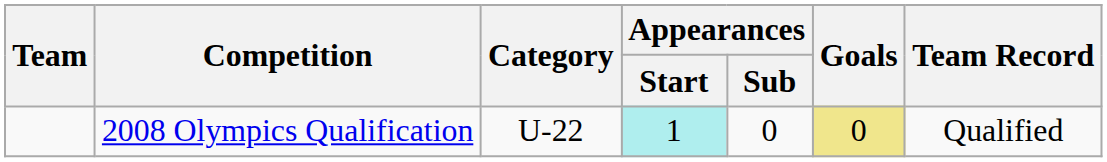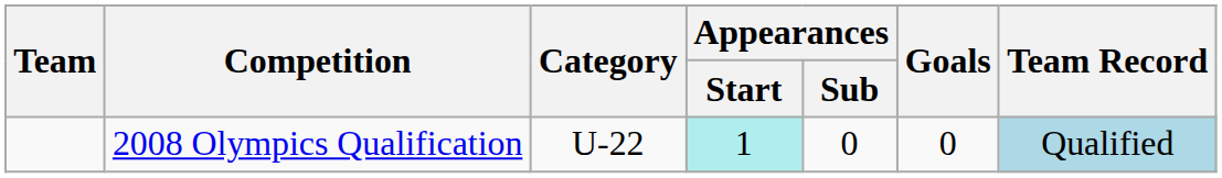 <table class="wikitable" style="text-align: center;">
 <tr>
 <th rowspan="2">Team</th>
 <th rowspan="2">Competition</th>
 <th rowspan="2">Category</th>
 <th colspan="2">Appearances</th>
 <th rowspan="2">Goals</th>
 <th rowspan="2">Team Record</th>
 </tr>
 <tr>
 <th>Start</th>
 <th>Sub</th>
 </tr>
 <tr>
 <td align="left"></td>
 <td align="left"><a href='#'>2008 Olympics Qualification</a></td>
 <td>U-22</td>
 <td style="background: paleturquoise;">1</td>
 <td>0</td>
-<td style="background: khaki;">0</td>
-<td>Qualified</td>
+<td>0</td>
+<td style="background: lightblue;">Qualified</td>
 </tr>
 </table>
